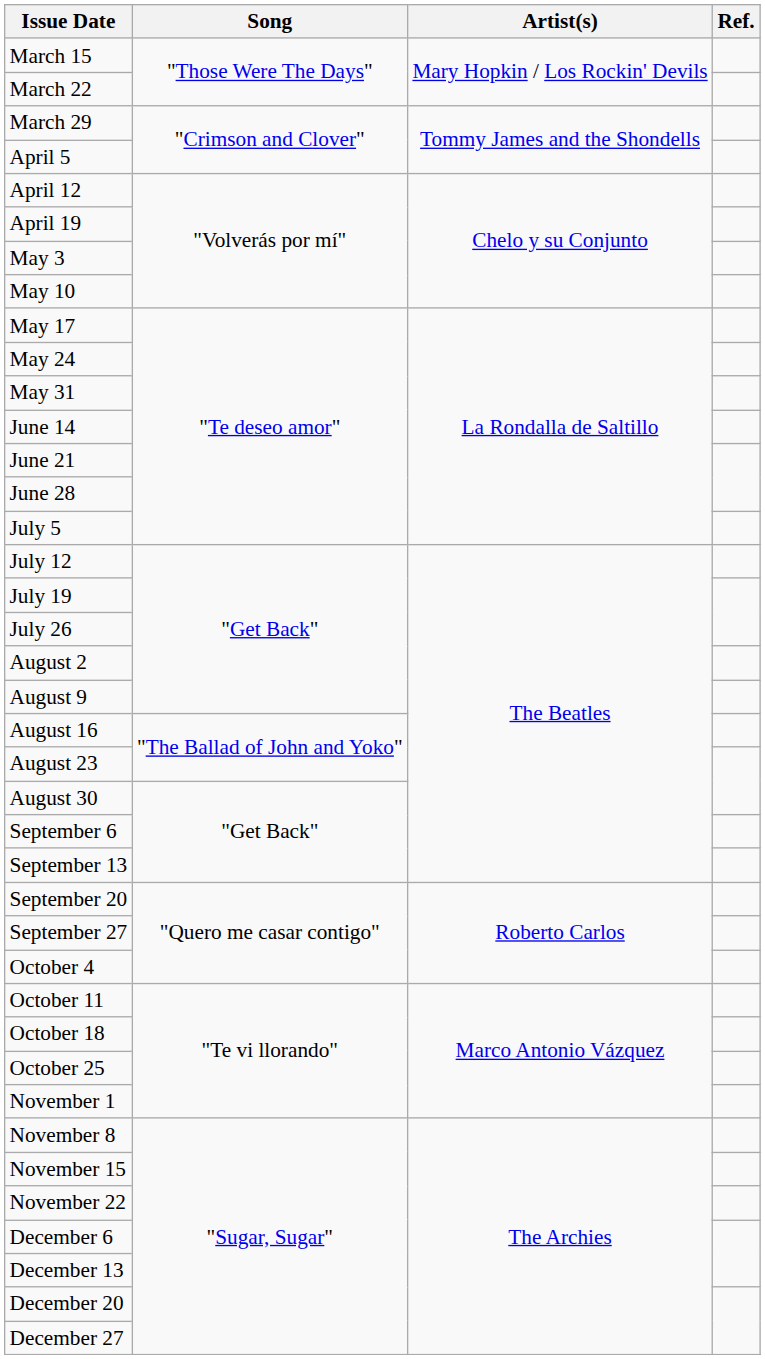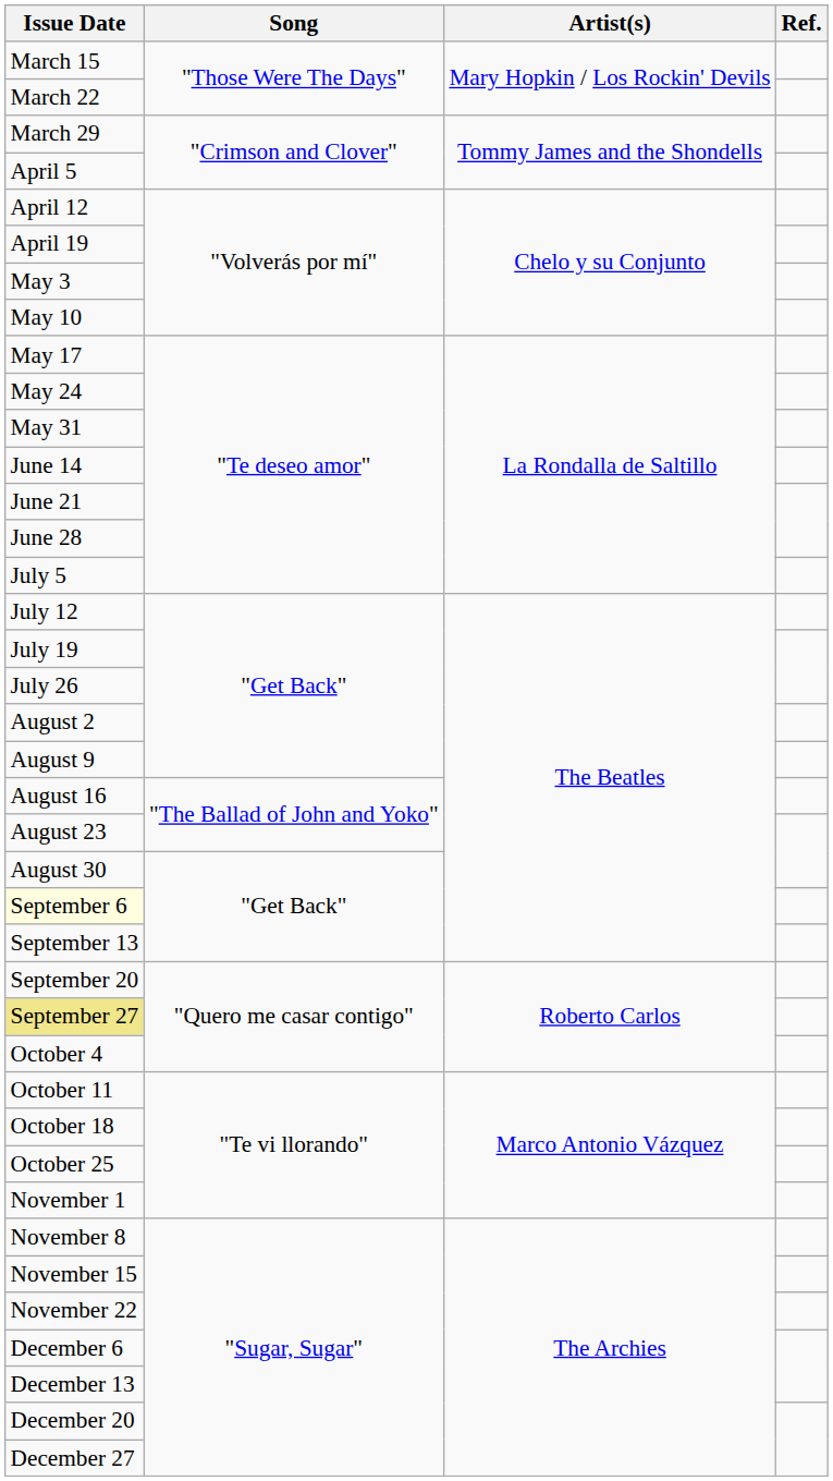 <table class="wikitable">
 <tr>
 <th>Issue Date</th>
 <th>Song</th>
 <th>Artist(s)</th>
 <th>Ref.</th>
 </tr>
 <tr>
 <td>March 15</td>
 <td align="center" rowspan="2">"<a href='#'>Those Were The Days</a>"</td>
 <td align="center" rowspan="2"><a href='#'>Mary Hopkin</a> / <a href='#'>Los Rockin' Devils</a></td>
 <td align="center" rowspan="1"></td>
 </tr>
 <tr>
 <td>March 22</td>
 <td align="center" rowspan="1"></td>
 </tr>
 <tr>
 <td>March 29</td>
 <td align="center" rowspan="2">"<a href='#'>Crimson and Clover</a>"</td>
 <td align="center" rowspan="2"><a href='#'>Tommy James and the Shondells</a></td>
 <td align="center" rowspan="1"></td>
 </tr>
 <tr>
 <td>April 5</td>
 <td align="center" rowspan="1"></td>
 </tr>
 <tr>
 <td>April 12</td>
 <td align="center" rowspan="4">"Volverás por mí"</td>
 <td align="center" rowspan="4"><a href='#'>Chelo y su Conjunto</a></td>
 <td align="center" rowspan="1"></td>
 </tr>
 <tr>
 <td>April 19</td>
 <td align="center" rowspan="1"></td>
 </tr>
 <tr>
 <td>May 3</td>
 <td align="center" rowspan="1"></td>
 </tr>
 <tr>
 <td>May 10</td>
 <td align="center" rowspan="1"></td>
 </tr>
 <tr>
 <td>May 17</td>
 <td align="center" rowspan="7">"<a href='#'>Te deseo amor</a>"</td>
 <td align="center" rowspan="7"><a href='#'>La Rondalla de Saltillo</a></td>
 <td align="center" rowspan="1"></td>
 </tr>
 <tr>
 <td>May 24</td>
 <td align="center" rowspan="1"></td>
 </tr>
 <tr>
 <td>May 31</td>
 <td align="center" rowspan="1"></td>
 </tr>
 <tr>
 <td>June 14</td>
 <td align="center" rowspan="1"></td>
 </tr>
 <tr>
 <td>June 21</td>
 <td align="center" rowspan="2"></td>
 </tr>
 <tr>
 <td>June 28</td>
 </tr>
 <tr>
 <td>July 5</td>
 <td align="center" rowspan="1"></td>
 </tr>
 <tr>
 <td>July 12</td>
 <td align="center" rowspan="5">"<a href='#'>Get Back</a>"</td>
 <td align="center" rowspan="10"><a href='#'>The Beatles</a></td>
 <td align="center" rowspan="1"></td>
 </tr>
 <tr>
 <td>July 19</td>
 <td align="center" rowspan="2"></td>
 </tr>
 <tr>
 <td>July 26</td>
 </tr>
 <tr>
 <td>August 2</td>
 <td align="center" rowspan="1"></td>
 </tr>
 <tr>
 <td>August 9</td>
 <td align="center" rowspan="1"></td>
 </tr>
 <tr>
 <td>August 16</td>
 <td align="center" rowspan="2">"<a href='#'>The Ballad of John and Yoko</a>"</td>
 <td align="center" rowspan="1"></td>
 </tr>
 <tr>
 <td>August 23</td>
 <td align="center" rowspan="2"></td>
 </tr>
 <tr>
 <td>August 30</td>
 <td align="center" rowspan="3">"Get Back"</td>
 </tr>
 <tr>
-<td>September 6</td>
+<td style="background: lightyellow;">September 6</td>
 <td align="center" rowspan="1"></td>
 </tr>
 <tr>
 <td>September 13</td>
 <td align="center" rowspan="1"></td>
 </tr>
 <tr>
 <td>September 20</td>
 <td align="center" rowspan="3">"Quero me casar contigo"</td>
 <td align="center" rowspan="3"><a href='#'>Roberto Carlos</a></td>
 <td align="center" rowspan="1"></td>
 </tr>
 <tr>
-<td>September 27</td>
+<td style="background: khaki;">September 27</td>
 <td align="center" rowspan="1"></td>
 </tr>
 <tr>
 <td>October 4</td>
 <td align="center" rowspan="1"></td>
 </tr>
 <tr>
 <td>October 11</td>
 <td align="center" rowspan="4">"Te vi llorando"</td>
 <td align="center" rowspan="4"><a href='#'>Marco Antonio Vázquez</a></td>
 <td align="center" rowspan="1"></td>
 </tr>
 <tr>
 <td>October 18</td>
 <td align="center" rowspan="1"></td>
 </tr>
 <tr>
 <td>October 25</td>
 <td align="center" rowspan="1"></td>
 </tr>
 <tr>
 <td>November 1</td>
 <td align="center" rowspan="1"></td>
 </tr>
 <tr>
 <td>November 8</td>
 <td align="center" rowspan="7">"<a href='#'>Sugar, Sugar</a>"</td>
 <td align="center" rowspan="7"><a href='#'>The Archies</a></td>
 <td align="center" rowspan="1"></td>
 </tr>
 <tr>
 <td>November 15</td>
 <td align="center" rowspan="1"></td>
 </tr>
 <tr>
 <td>November 22</td>
 <td align="center" rowspan="1"></td>
 </tr>
 <tr>
 <td>December 6</td>
 <td align="center" rowspan="2"></td>
 </tr>
 <tr>
 <td>December 13</td>
 </tr>
 <tr>
 <td>December 20</td>
 <td align="center" rowspan="2"></td>
 </tr>
 <tr>
 <td>December 27</td>
 </tr>
 <tr>
 </tr>
 </table>
